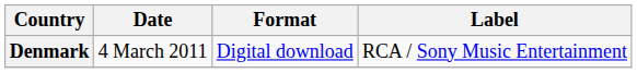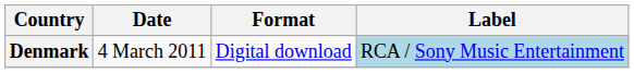 <table class="wikitable plainrowheaders">
 <tr>
 <th scope="col">Country</th>
 <th scope="col">Date</th>
 <th scope="col">Format</th>
 <th scope="col">Label</th>
 </tr>
 <tr>
 <th scope="row">Denmark</th>
 <td>4 March 2011</td>
 <td><a href='#'>Digital download</a></td>
-<td>RCA / <a href='#'>Sony Music Entertainment</a></td>
+<td style="background: lightblue;">RCA / <a href='#'>Sony Music Entertainment</a></td>
 </tr>
 <tr>
 </tr>
 </table>
